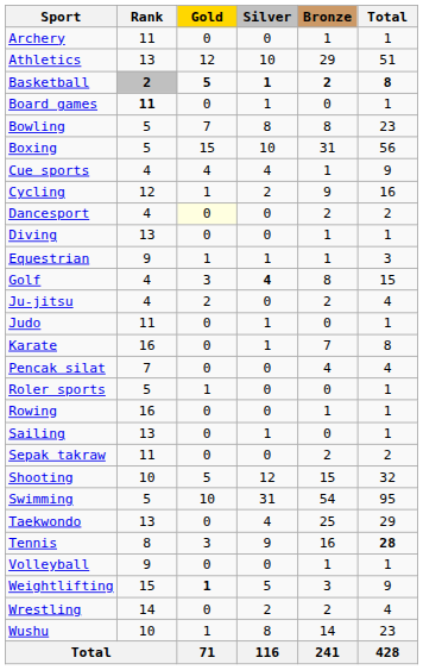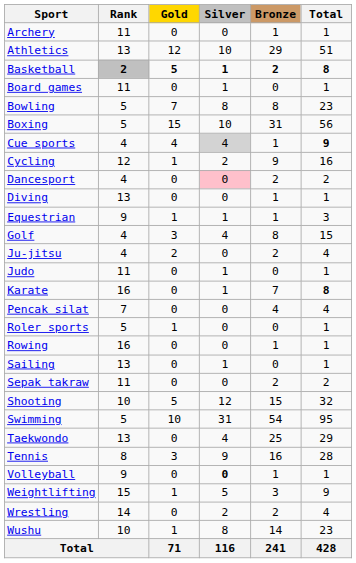 <table class="wikitable sortable" style="margin-top:0em; text-align:center; font-size:100%;">
 <tr>
 <th>Sport</th>
 <th style="width:4em;">Rank</th>
 <th style="background:gold; width:4em;">Gold</th>
 <th style="background:silver; width:4em;">Silver</th>
 <th style="background:#cc9966; width:4em;">Bronze</th>
 <th style="width:4em;">Total</th>
 </tr>
 <tr>
 <td align=left><a href='#'>Archery</a></td>
 <td>11</td>
 <td>0</td>
 <td>0</td>
 <td>1</td>
 <td>1</td>
 </tr>
 <tr>
 <td align=left><a href='#'>Athletics</a></td>
 <td>13</td>
 <td>12</td>
 <td>10</td>
 <td>29</td>
 <td>51</td>
 </tr>
 <tr>
 <td align=left><a href='#'>Basketball</a></td>
 <td bgcolor=silver><strong>2</strong></td>
 <td><strong>5</strong></td>
 <td><strong>1</strong></td>
 <td><strong>2</strong></td>
 <td><strong>8</strong></td>
 </tr>
 <tr>
 <td align=left><a href='#'>Board games</a></td>
-<td><strong>11</strong></td>
+<td>11</td>
 <td>0</td>
 <td>1</td>
 <td>0</td>
 <td>1</td>
 </tr>
 <tr>
 <td align=left><a href='#'>Bowling</a></td>
 <td>5</td>
 <td>7</td>
 <td>8</td>
 <td>8</td>
 <td>23</td>
 </tr>
 <tr>
 <td align=left><a href='#'>Boxing</a></td>
 <td>5</td>
 <td>15</td>
 <td>10</td>
 <td>31</td>
 <td>56</td>
 </tr>
 <tr>
 <td align=left><a href='#'>Cue sports</a></td>
 <td>4</td>
 <td>4</td>
-<td>4</td>
+<td style="background: lightgrey;">4</td>
 <td>1</td>
-<td>9</td>
+<td><strong>9</strong></td>
 </tr>
 <tr>
 <td align=left><a href='#'>Cycling</a></td>
 <td>12</td>
 <td>1</td>
 <td>2</td>
 <td>9</td>
 <td>16</td>
 </tr>
 <tr>
 <td align=left><a href='#'>Dancesport</a></td>
 <td>4</td>
-<td style="background: lightyellow;">0</td>
 <td>0</td>
+<td style="background: pink;">0</td>
 <td>2</td>
 <td>2</td>
 </tr>
 <tr>
 <td align=left><a href='#'>Diving</a></td>
 <td>13</td>
 <td>0</td>
 <td>0</td>
 <td>1</td>
 <td>1</td>
 </tr>
 <tr>
 <td align=left><a href='#'>Equestrian</a></td>
 <td>9</td>
 <td>1</td>
 <td>1</td>
 <td>1</td>
 <td>3</td>
 </tr>
 <tr>
 <td align=left><a href='#'>Golf</a></td>
 <td>4</td>
 <td>3</td>
-<td><strong>4</strong></td>
+<td>4</td>
 <td>8</td>
 <td>15</td>
 </tr>
 <tr>
 <td align=left><a href='#'>Ju-jitsu</a></td>
 <td>4</td>
 <td>2</td>
 <td>0</td>
 <td>2</td>
 <td>4</td>
 </tr>
 <tr>
 <td align=left><a href='#'>Judo</a></td>
 <td>11</td>
 <td>0</td>
 <td>1</td>
 <td>0</td>
 <td>1</td>
 </tr>
 <tr>
 <td align=left><a href='#'>Karate</a></td>
 <td>16</td>
 <td>0</td>
 <td>1</td>
 <td>7</td>
-<td>8</td>
+<td><strong>8</strong></td>
 </tr>
 <tr>
 <td align=left><a href='#'>Pencak silat</a></td>
 <td>7</td>
 <td>0</td>
 <td>0</td>
 <td>4</td>
 <td>4</td>
 </tr>
 <tr>
 <td align=left><a href='#'>Roler sports</a></td>
 <td>5</td>
 <td>1</td>
 <td>0</td>
 <td>0</td>
 <td>1</td>
 </tr>
 <tr>
 <td align=left><a href='#'>Rowing</a></td>
 <td>16</td>
 <td>0</td>
 <td>0</td>
 <td>1</td>
 <td>1</td>
 </tr>
 <tr>
 <td align=left><a href='#'>Sailing</a></td>
 <td>13</td>
 <td>0</td>
 <td>1</td>
 <td>0</td>
 <td>1</td>
 </tr>
 <tr>
 <td align=left><a href='#'>Sepak takraw</a></td>
 <td>11</td>
 <td>0</td>
 <td>0</td>
 <td>2</td>
 <td>2</td>
 </tr>
 <tr>
 <td align=left><a href='#'>Shooting</a></td>
 <td>10</td>
 <td>5</td>
 <td>12</td>
 <td>15</td>
 <td>32</td>
 </tr>
 <tr>
 <td align=left><a href='#'>Swimming</a></td>
 <td>5</td>
 <td>10</td>
 <td>31</td>
 <td>54</td>
 <td>95</td>
 </tr>
 <tr>
 <td align=left><a href='#'>Taekwondo</a></td>
 <td>13</td>
 <td>0</td>
 <td>4</td>
 <td>25</td>
 <td>29</td>
 </tr>
 <tr>
 <td align=left><a href='#'>Tennis</a></td>
 <td>8</td>
 <td>3</td>
 <td>9</td>
 <td>16</td>
-<td><strong>28</strong></td>
+<td>28</td>
 </tr>
 <tr>
 <td align=left><a href='#'>Volleyball</a></td>
 <td>9</td>
 <td>0</td>
-<td>0</td>
+<td><strong>0</strong></td>
 <td>1</td>
 <td>1</td>
 </tr>
 <tr>
 <td align=left><a href='#'>Weightlifting</a></td>
 <td>15</td>
-<td><strong>1</strong></td>
+<td>1</td>
 <td>5</td>
 <td>3</td>
 <td>9</td>
 </tr>
 <tr>
 <td align=left><a href='#'>Wrestling</a></td>
 <td>14</td>
 <td>0</td>
 <td>2</td>
 <td>2</td>
 <td>4</td>
 </tr>
 <tr>
 <td align=left><a href='#'>Wushu</a></td>
 <td>10</td>
 <td>1</td>
 <td>8</td>
 <td>14</td>
 <td>23</td>
 </tr>
 <tr>
 <th colspan=2>Total</th>
 <th>71</th>
 <th>116</th>
 <th>241</th>
 <th>428</th>
 </tr>
 </table>
